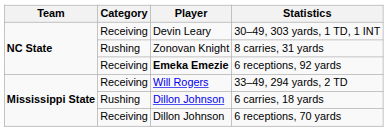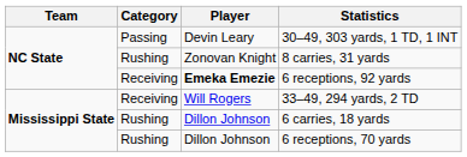 <table class="wikitable" style="float: left;">
 <tr>
 <th>Team</th>
 <th>Category</th>
 <th>Player</th>
 <th>Statistics</th>
 </tr>
 <tr>
 <td rowspan=3><strong>NC State</strong></td>
-<td>Receiving</td>
+<td>Passing</td>
 <td>Devin Leary</td>
 <td>30–49, 303 yards, 1 TD, 1 INT</td>
 </tr>
 <tr>
 <td>Rushing</td>
 <td>Zonovan Knight</td>
 <td>8 carries, 31 yards</td>
 </tr>
 <tr>
 <td>Receiving</td>
 <td><strong>Emeka Emezie</strong></td>
 <td>6 receptions, 92 yards</td>
 </tr>
 <tr>
 <td rowspan=3><strong>Mississippi State</strong></td>
 <td>Receiving</td>
 <td><a href='#'>Will Rogers</a></td>
 <td>33–49, 294 yards, 2 TD</td>
 </tr>
 <tr>
 <td>Rushing</td>
 <td><a href='#'>Dillon Johnson</a></td>
 <td>6 carries, 18 yards</td>
 </tr>
 <tr>
-<td>Receiving</td>
+<td>Rushing</td>
 <td>Dillon Johnson</td>
 <td>6 receptions, 70 yards</td>
 </tr>
 </table>
